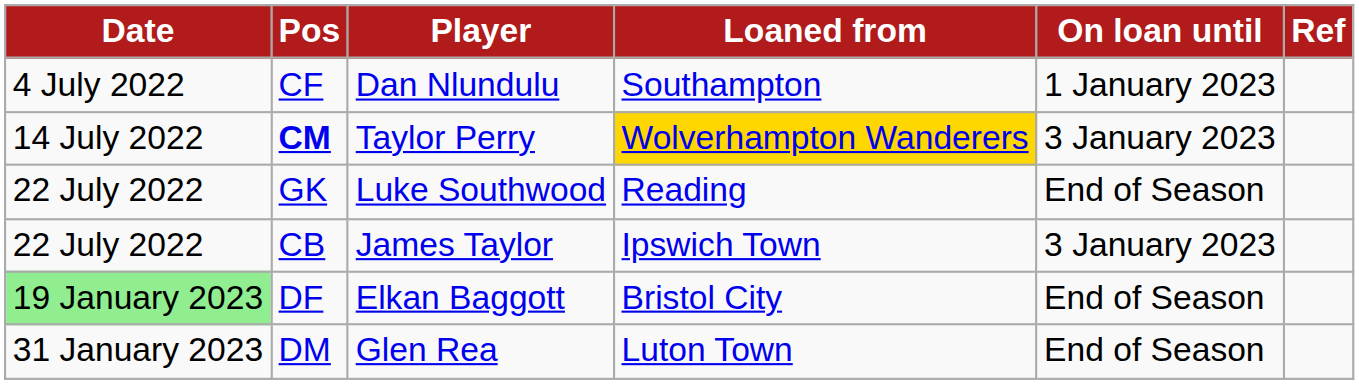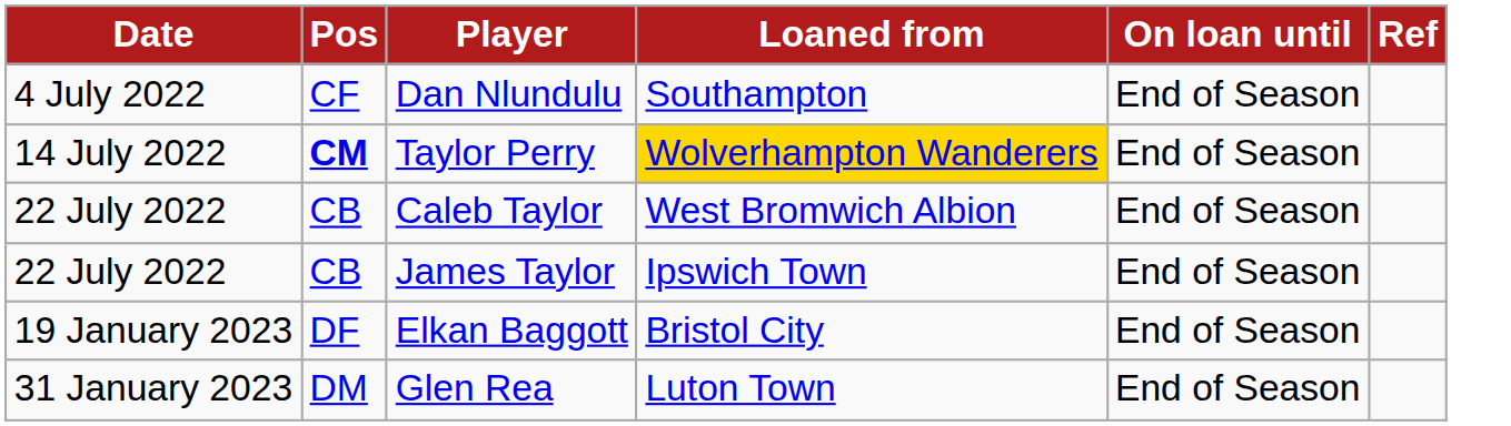 <table class="wikitable plainrowheaders sortable">
 <tr>
 <th style="background:#B11B1B; color:#ffffff; ">Date</th>
 <th style="background:#B11B1B; color:#ffffff; ">Pos</th>
 <th style="background:#B11B1B; color:#ffffff; ">Player</th>
 <th style="background:#B11B1B; color:#ffffff; ">Loaned from</th>
 <th style="background:#B11B1B; color:#ffffff; ">On loan until</th>
 <th style="background:#B11B1B; color:#ffffff; ">Ref</th>
 </tr>
 <tr>
 <td>4 July 2022</td>
 <td><a href='#'>CF</a></td>
 <td> <a href='#'>Dan Nlundulu</a></td>
 <td> <a href='#'>Southampton</a></td>
-<td>1 January 2023</td>
+<td>End of Season</td>
 <td></td>
 </tr>
 <tr>
 <td>14 July 2022</td>
 <td><strong><a href='#'>CM</a></strong></td>
 <td> <a href='#'>Taylor Perry</a></td>
 <td style="background: gold;"> <a href='#'>Wolverhampton Wanderers</a></td>
-<td>3 January 2023</td>
+<td>End of Season</td>
 <td></td>
 </tr>
 <tr>
 <td>22 July 2022</td>
-<td><a href='#'>GK</a></td>
-<td> <a href='#'>Luke Southwood</a></td>
-<td> <a href='#'>Reading</a></td>
+<td><a href='#'>CB</a></td>
+<td> <a href='#'>Caleb Taylor</a></td>
+<td> <a href='#'>West Bromwich Albion</a></td>
 <td>End of Season</td>
 <td></td>
 </tr>
 <tr>
 <td>22 July 2022</td>
 <td><a href='#'>CB</a></td>
 <td> <a href='#'>James Taylor</a></td>
 <td> <a href='#'>Ipswich Town</a></td>
-<td>3 January 2023</td>
+<td>End of Season</td>
 <td></td>
 </tr>
 <tr>
-<td style="background: lightgreen;">19 January 2023</td>
+<td>19 January 2023</td>
 <td><a href='#'>DF</a></td>
 <td> <a href='#'>Elkan Baggott</a></td>
 <td> <a href='#'>Bristol City</a></td>
 <td>End of Season</td>
 <td></td>
 </tr>
 <tr>
 <td>31 January 2023</td>
 <td><a href='#'>DM</a></td>
 <td> <a href='#'>Glen Rea</a></td>
 <td> <a href='#'>Luton Town</a></td>
 <td>End of Season</td>
 <td></td>
 </tr>
 </table>
